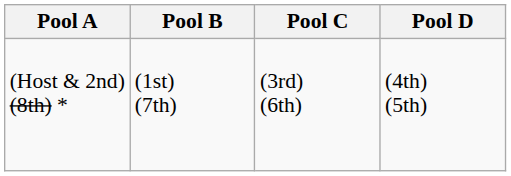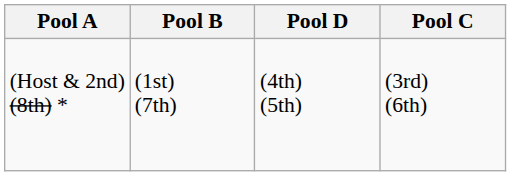 <table class="wikitable">
 <tr>
 <th width=25%>Pool A</th>
 <th width=25%>Pool B</th>
+<th width=25%>Pool D</th>
 <th width=25%>Pool C</th>
-<th width=25%>Pool D</th>
 </tr>
 <tr>
 <td valign=top><br> (Host & 2nd)<br> <s> (8th)</s> *<br> <br> <br></td>
 <td valign=top><br> (1st)<br>  (7th)<br> <br> </td>
+<td valign=top><br> (4th)<br>  (5th)<br> </td>
 <td valign=top><br> (3rd)<br>  (6th)<br> </td>
-<td valign=top><br> (4th)<br>  (5th)<br> </td>
 </tr>
 </table>
